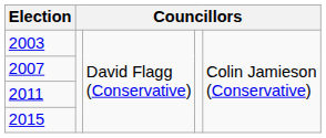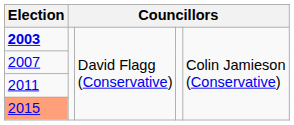 <table class="wikitable">
 <tr>
 <th>Election</th>
 <th colspan="4">Councillors</th>
 </tr>
 <tr>
-<td><a href='#'>2003</a></td>
+<td><strong><a href='#'>2003</a></strong></td>
 <td rowspan="4" style="background-color: "></td>
 <td rowspan="4">David Flagg<br>(<a href='#'>Conservative</a>)</td>
 <td rowspan="4" style="background-color: "></td>
 <td rowspan="4">Colin Jamieson<br>(<a href='#'>Conservative</a>)</td>
 </tr>
 <tr>
 <td><a href='#'>2007</a></td>
 </tr>
 <tr>
 <td><a href='#'>2011</a></td>
 </tr>
 <tr>
-<td><a href='#'>2015</a></td>
+<td style="background: lightsalmon;"><a href='#'>2015</a></td>
 </tr>
 </table>
